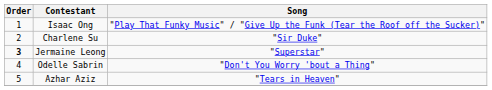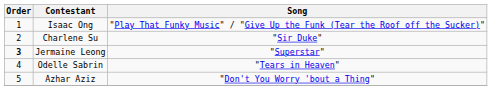 <table class="wikitable plainrowheaders" style="text-align:center;">
 <tr>
 <th scope="col">Order</th>
 <th scope="col">Contestant</th>
 <th scope="col">Song</th>
 </tr>
 <tr>
 <td scope="row">1</td>
 <td>Isaac Ong</td>
 <td>"<a href='#'>Play That Funky Music</a>" / "<a href='#'>Give Up the Funk (Tear the Roof off the Sucker)</a>"</td>
 </tr>
 <tr>
 <td scope="row">2</td>
 <td>Charlene Su</td>
 <td>"<a href='#'>Sir Duke</a>"</td>
 </tr>
 <tr>
 <td scope="row"><strong>3</strong></td>
 <td>Jermaine Leong</td>
 <td>"<a href='#'>Superstar</a>"</td>
 </tr>
 <tr>
 <td scope="row">4</td>
 <td>Odelle Sabrin</td>
-<td>"<a href='#'>Don't You Worry 'bout a Thing</a>"</td>
+<td>"<a href='#'>Tears in Heaven</a>"</td>
 </tr>
 <tr>
 <td scope="row">5</td>
 <td>Azhar Aziz</td>
-<td>"<a href='#'>Tears in Heaven</a>"</td>
+<td>"<a href='#'>Don't You Worry 'bout a Thing</a>"</td>
 </tr>
 <tr>
 </tr>
 </table>
